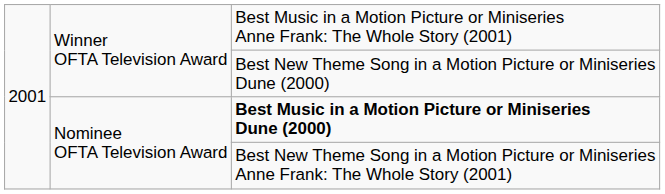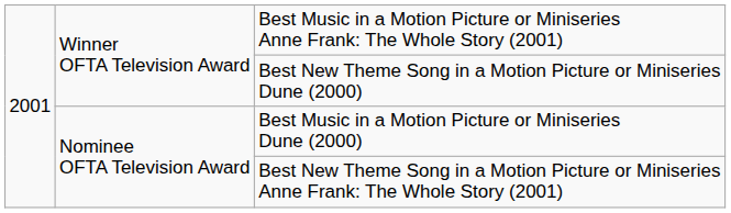 <table class="wikitable">
 <tr>
 <td rowspan="4">2001</td>
 <td rowspan="2">Winner<br>OFTA Television Award</td>
 <td>Best Music in a Motion Picture or Miniseries<br>Anne Frank: The Whole Story (2001)</td>
 </tr>
 <tr>
 <td>Best New Theme Song in a Motion Picture or Miniseries<br>Dune (2000)</td>
 </tr>
 <tr>
 <td rowspan="2">Nominee<br>OFTA Television Award</td>
-<td><strong>Best Music in a Motion Picture or Miniseries<br>Dune (2000)</strong></td>
+<td>Best Music in a Motion Picture or Miniseries<br>Dune (2000)</td>
 </tr>
 <tr>
 <td>Best New Theme Song in a Motion Picture or Miniseries<br>Anne Frank: The Whole Story (2001)</td>
 </tr>
 </table>
